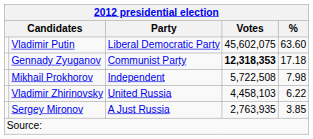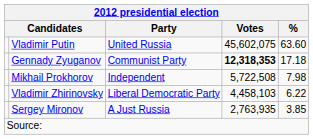 <table class=wikitable style=text-align:right>
 <tr>
 <th colspan=5><a href='#'>2012 presidential election</a></th>
 </tr>
 <tr>
 <th colspan=2>Candidates</th>
 <th>Party</th>
 <th>Votes</th>
 <th>%</th>
 </tr>
 <tr>
 <td style="background-color: "></td>
 <td style="text-align:left;"><a href='#'>Vladimir Putin</a></td>
-<td style="text-align:left;"><a href='#'>Liberal Democratic Party</a></td>
+<td style="text-align:left;"><a href='#'>United Russia</a></td>
 <td>45,602,075</td>
 <td>63.60</td>
 </tr>
 <tr>
 <td style="background-color: "></td>
 <td style="text-align:left;"><a href='#'>Gennady Zyuganov</a></td>
 <td style="text-align:left;"><a href='#'>Communist Party</a></td>
 <td><strong>12,318,353</strong></td>
 <td>17.18</td>
 </tr>
 <tr>
 <td style="background-color: "></td>
 <td style="text-align:left;"><a href='#'>Mikhail Prokhorov</a></td>
 <td style="text-align:left;"><a href='#'>Independent</a></td>
 <td>5,722,508</td>
 <td>7.98</td>
 </tr>
 <tr>
 <td style="background-color: "></td>
 <td style="text-align:left;"><a href='#'>Vladimir Zhirinovsky</a></td>
-<td style="text-align:left;"><a href='#'>United Russia</a></td>
+<td style="text-align:left;"><a href='#'>Liberal Democratic Party</a></td>
 <td>4,458,103</td>
 <td>6.22</td>
 </tr>
 <tr>
 <td style="background-color: "></td>
 <td style="text-align:left;"><a href='#'>Sergey Mironov</a></td>
 <td style="text-align:left;"><a href='#'>A Just Russia</a></td>
 <td>2,763,935</td>
 <td>3.85</td>
 </tr>
 <tr>
 <td style="text-align:left;" colspan=5>Source: </td>
 </tr>
 </table>
